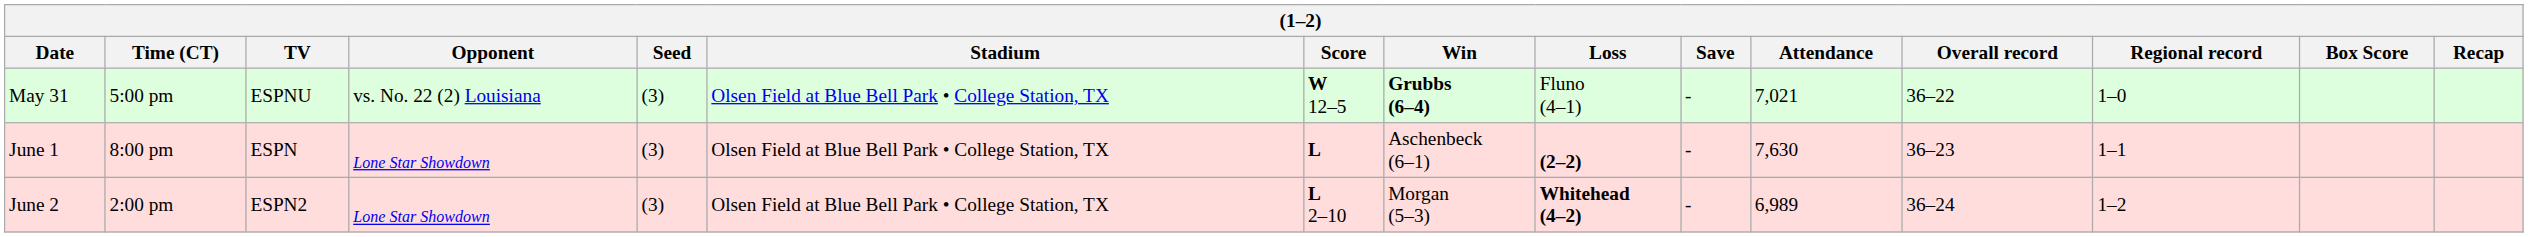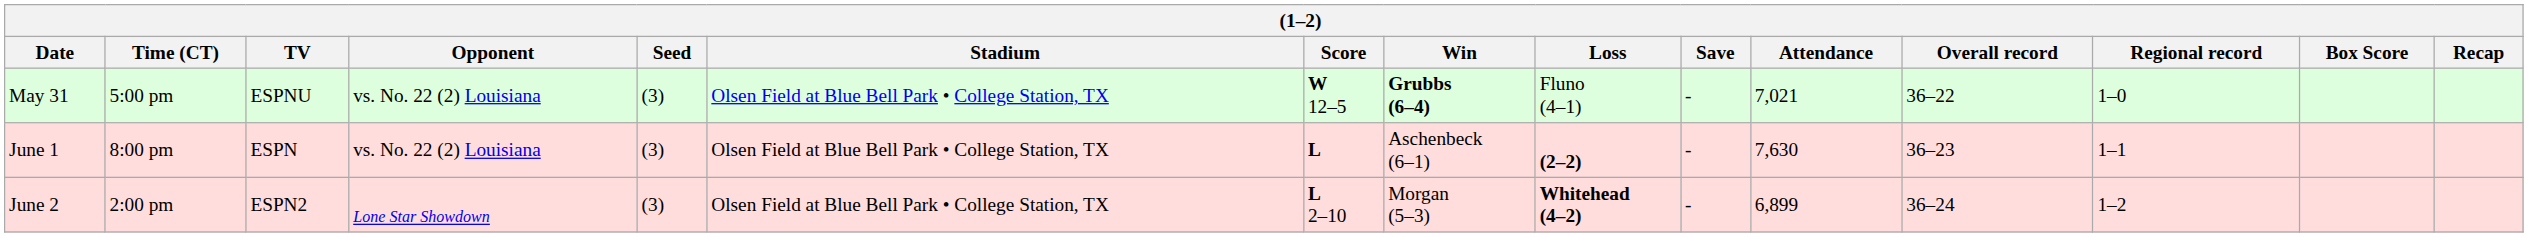 <table class="wikitable collapsible" style="margin:auto; font-size:95%; width:100%">
 <tr>
 <th colspan=15 style="padding-left:4em;"> (1–2)</th>
 </tr>
 <tr>
 <th>Date</th>
 <th>Time (CT)</th>
 <th>TV</th>
 <th>Opponent</th>
 <th>Seed</th>
 <th>Stadium</th>
 <th>Score</th>
 <th>Win</th>
 <th>Loss</th>
 <th>Save</th>
 <th>Attendance</th>
 <th>Overall record</th>
 <th>Regional record</th>
 <th>Box Score</th>
 <th>Recap</th>
 </tr>
 <tr bgcolor=ddffdd>
 <td>May 31</td>
 <td>5:00 pm</td>
 <td>ESPNU</td>
 <td>vs. No. 22 (2) <a href='#'>Louisiana</a></td>
 <td>(3)</td>
 <td><a href='#'>Olsen Field at Blue Bell Park</a> • <a href='#'>College Station, TX</a></td>
 <td><strong>W</strong><br>12–5</td>
 <td><strong>Grubbs<br>(6–4)</strong></td>
 <td>Fluno<br>(4–1)</td>
 <td>-</td>
 <td>7,021</td>
 <td>36–22</td>
 <td>1–0</td>
 <td></td>
 <td></td>
 </tr>
 <tr bgcolor=ffdddd>
 <td>June 1</td>
 <td>8:00 pm</td>
 <td>ESPN</td>
-<td><br><small><em><a href='#'>Lone Star Showdown</a></em></small></td>
+<td>vs. No. 22 (2) <a href='#'>Louisiana</a></td>
 <td>(3)</td>
 <td>Olsen Field at Blue Bell Park • College Station, TX</td>
 <td><strong>L</strong><br></td>
 <td>Aschenbeck<br>(6–1)</td>
 <td><strong><br>(2–2)</strong></td>
 <td>-</td>
 <td>7,630</td>
 <td>36–23</td>
 <td>1–1</td>
 <td></td>
 <td></td>
 </tr>
 <tr bgcolor=ffdddd>
 <td>June 2</td>
 <td>2:00 pm</td>
 <td>ESPN2</td>
 <td><br><small><em><a href='#'>Lone Star Showdown</a></em></small></td>
 <td>(3)</td>
 <td>Olsen Field at Blue Bell Park • College Station, TX</td>
 <td><strong>L</strong><br>2–10</td>
 <td>Morgan<br>(5–3)</td>
 <td><strong>Whitehead<br>(4–2)</strong></td>
 <td>-</td>
-<td>6,989</td>
+<td>6,899</td>
 <td>36–24</td>
 <td>1–2</td>
 <td></td>
 <td></td>
 </tr>
 </table>
